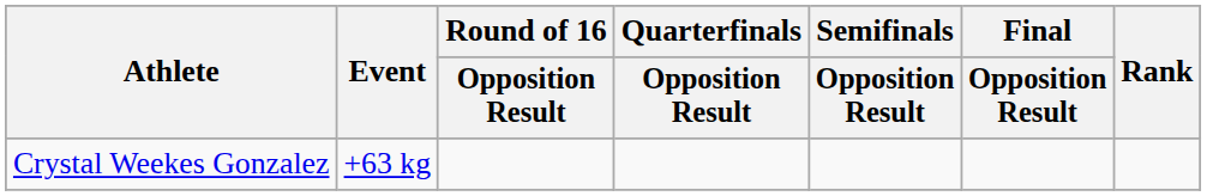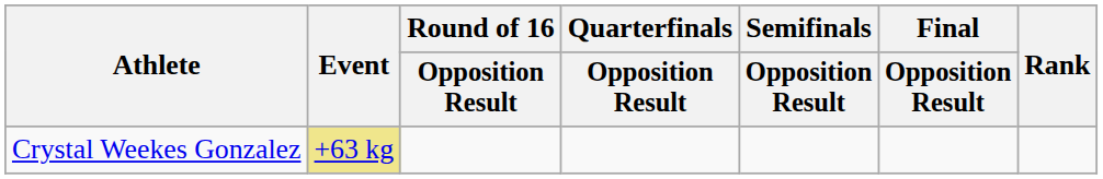 <table class="wikitable" style="font-size:90%;">
 <tr>
 <th rowspan=2>Athlete</th>
 <th rowspan=2>Event</th>
 <th>Round of 16</th>
 <th>Quarterfinals</th>
 <th>Semifinals</th>
 <th>Final</th>
 <th rowspan=2>Rank</th>
 </tr>
 <tr style="font-size:95%">
 <th>Opposition<br>Result</th>
 <th>Opposition<br>Result</th>
 <th>Opposition<br>Result</th>
 <th>Opposition<br>Result</th>
 </tr>
 <tr align=center>
 <td align=left><a href='#'>Crystal Weekes Gonzalez</a></td>
-<td align=left><a href='#'>+63 kg</a></td>
+<td align=left style="background: khaki;"><a href='#'>+63 kg</a></td>
 <td></td>
 <td></td>
 <td></td>
 <td></td>
 <td></td>
 </tr>
 </table>
